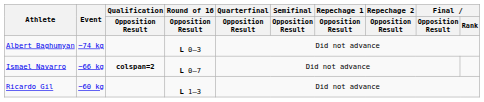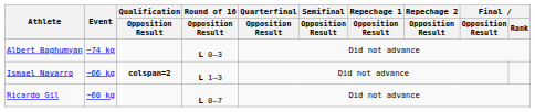 <table class="wikitable" style="font-size:90%">
 <tr>
 <th rowspan="2">Athlete</th>
 <th rowspan="2">Event</th>
 <th>Qualification</th>
 <th>Round of 16</th>
 <th>Quarterfinal</th>
 <th>Semifinal</th>
 <th>Repechage 1</th>
 <th>Repechage 2</th>
 <th colspan=2>Final / </th>
 </tr>
 <tr style="font-size: 95%">
 <th>Opposition<br>Result</th>
 <th>Opposition<br>Result</th>
 <th>Opposition<br>Result</th>
 <th>Opposition<br>Result</th>
 <th>Opposition<br>Result</th>
 <th>Opposition<br>Result</th>
 <th>Opposition<br>Result</th>
 <th>Rank</th>
 </tr>
 <tr align=center>
 <td align=left><a href='#'>Albert Baghumyan</a></td>
 <td align=left><a href='#'>−74 kg</a></td>
 <td></td>
 <td><br><strong>L</strong> 0–3</td>
 <td colspan=6>Did not advance</td>
 </tr>
 <tr align=center>
 <td align=left><a href='#'>Ismael Navarro</a></td>
 <td align=left><a href='#'>−66 kg</a></td>
 <td><strong>colspan=2 </strong></td>
-<td><br><strong>L</strong> 0–7</td>
+<td><br><strong>L</strong> 1–3</td>
 <td colspan=5>Did not advance</td>
 </tr>
 <tr align=center>
 <td align=left><a href='#'>Ricardo Gil</a></td>
 <td align=left><a href='#'>−60 kg</a></td>
 <td></td>
-<td><br><strong>L</strong> 1–3</td>
+<td><br><strong>L</strong> 0–7</td>
 <td colspan=6>Did not advance</td>
 </tr>
 </table>
